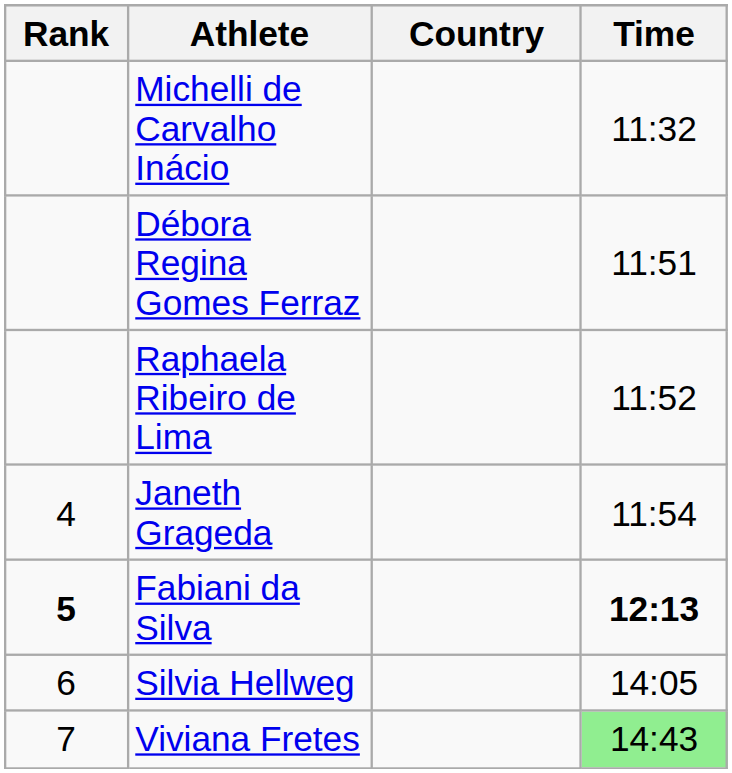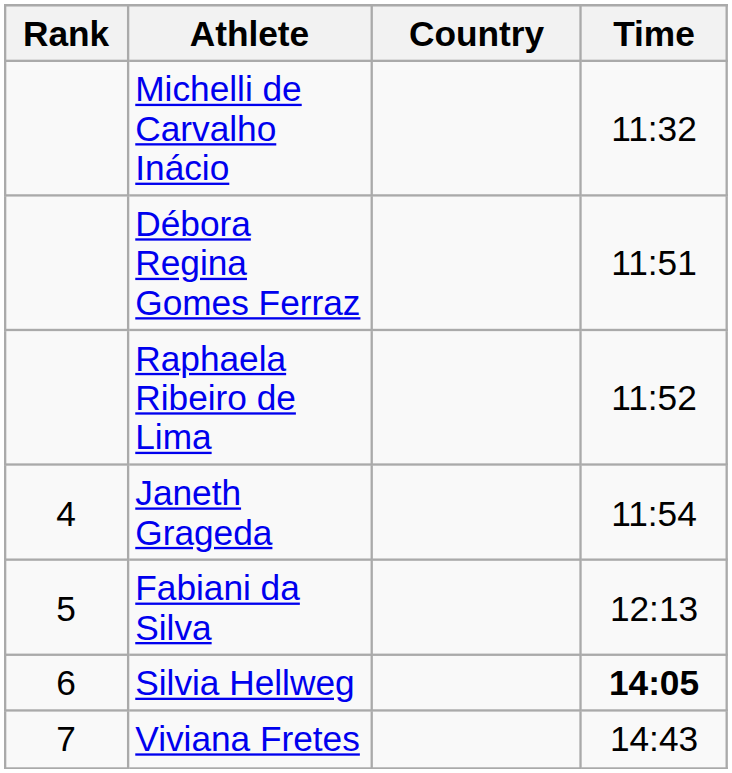 <table class="wikitable sortable" style=" text-align:center; font-size:95%;" width="50%">
 <tr>
 </tr>
 <tr>
 <th width=5%>Rank</th>
 <th width=20%>Athlete</th>
 <th width=15%>Country</th>
 <th width=10%>Time</th>
 </tr>
 <tr>
 <td align=center></td>
 <td align=left><a href='#'>Michelli de Carvalho Inácio</a></td>
 <td align=left></td>
 <td>11:32</td>
 </tr>
 <tr>
 <td align=center></td>
 <td align=left><a href='#'>Débora Regina Gomes Ferraz</a></td>
 <td align=left></td>
 <td>11:51</td>
 </tr>
 <tr>
 <td align=center></td>
 <td align=left><a href='#'>Raphaela Ribeiro de Lima</a></td>
 <td align=left></td>
 <td>11:52</td>
 </tr>
 <tr>
 <td align=center>4</td>
 <td align=left><a href='#'>Janeth Grageda</a></td>
 <td align=left></td>
 <td>11:54</td>
 </tr>
 <tr>
-<td align=center><strong>5</strong></td>
+<td align=center>5</td>
 <td align=left><a href='#'>Fabiani da Silva</a></td>
 <td align=left></td>
-<td><strong>12:13</strong></td>
+<td>12:13</td>
 </tr>
 <tr>
 <td align=center>6</td>
 <td align=left><a href='#'>Silvia Hellweg</a></td>
 <td align=left></td>
-<td>14:05</td>
+<td><strong>14:05</strong></td>
 </tr>
 <tr>
 <td align=center>7</td>
 <td align=left><a href='#'>Viviana Fretes</a></td>
 <td align=left></td>
-<td style="background: lightgreen;">14:43</td>
+<td>14:43</td>
 </tr>
 </table>
